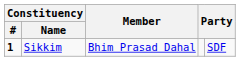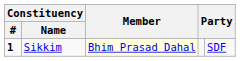 <table class="wikitable">
 <tr>
 <th colspan="2">Constituency</th>
 <th rowspan="2">Member</th>
 <th colspan="2" rowspan="2">Party</th>
 </tr>
 <tr>
 <th>#</th>
 <th>Name</th>
 </tr>
 <tr>
 <td><strong>1</strong></td>
 <td><a href='#'>Sikkim</a></td>
-<td><a href='#'>Bhim Prasad Dahal</a></td>
+<td style="background: lightyellow;"><a href='#'>Bhim Prasad Dahal</a></td>
 <td style="background-color: "></td>
 <td><a href='#'>SDF</a></td>
 </tr>
 </table>
